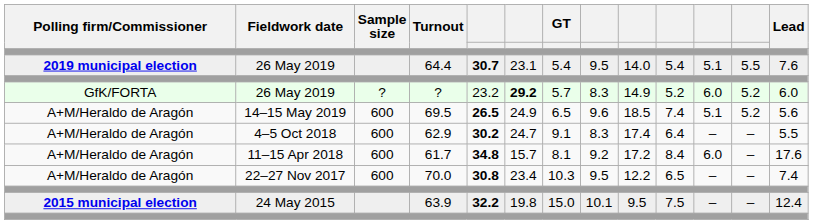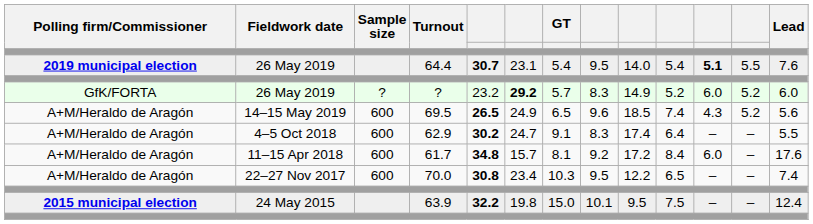 <table class="wikitable collapsible collapsed" style="text-align:center; font-size:95%; line-height:16px;">
 <tr style="height:42px;">
 <th style="width:250px;" rowspan="2">Polling firm/Commissioner</th>
 <th style="width:125px;" rowspan="2">Fieldwork date</th>
 <th style="width:50px;" rowspan="2">Sample size</th>
 <th style="width:45px;" rowspan="2">Turnout</th>
 <th style="width:35px;"></th>
 <th style="width:35px;"></th>
 <th style="width:35px;">GT</th>
 <th style="width:35px;"></th>
 <th style="width:35px;"></th>
 <th style="width:35px;"></th>
 <th style="width:35px;"></th>
 <th style="width:35px;"></th>
 <th style="width:30px;" rowspan="2">Lead</th>
 </tr>
 <tr>
 <th style="color:inherit;background:"></th>
 <th style="color:inherit;background:"></th>
 <th style="color:inherit;background:"></th>
 <th style="color:inherit;background:"></th>
 <th style="color:inherit;background:"></th>
 <th style="color:inherit;background:"></th>
 <th style="color:inherit;background:"></th>
 <th style="color:inherit;background:"></th>
 </tr>
 <tr>
 <td colspan="13" style="background:#A0A0A0"></td>
 </tr>
 <tr style="background:#EFEFEF;">
 <td><strong><a href='#'>2019 municipal election</a></strong></td>
 <td>26 May 2019</td>
 <td></td>
 <td>64.4</td>
 <td><strong>30.7</strong><br></td>
 <td>23.1<br></td>
 <td>5.4<br></td>
 <td>9.5<br></td>
 <td>14.0<br></td>
 <td>5.4<br></td>
-<td>5.1<br></td>
+<td><strong>5.1<br></strong></td>
 <td>5.5<br></td>
 <td style="background:">7.6</td>
 </tr>
 <tr>
 <td colspan="13" style="background:#A0A0A0"></td>
 </tr>
 <tr style="background:#EAFFEA;">
 <td>GfK/FORTA</td>
 <td>26 May 2019</td>
 <td>?</td>
 <td>?</td>
 <td>23.2<br></td>
 <td><strong>29.2</strong><br></td>
 <td>5.7<br></td>
 <td>8.3<br></td>
 <td>14.9<br></td>
 <td>5.2<br></td>
 <td>6.0<br></td>
 <td>5.2<br></td>
 <td style="background:">6.0</td>
 </tr>
 <tr>
 <td>A+M/Heraldo de Aragón</td>
 <td>14–15 May 2019</td>
 <td>600</td>
 <td>69.5</td>
 <td><strong>26.5</strong><br></td>
 <td>24.9<br></td>
 <td>6.5<br></td>
 <td>9.6<br></td>
 <td>18.5<br></td>
 <td>7.4<br></td>
-<td>5.1<br></td>
+<td>4.3<br></td>
 <td>5.2<br></td>
 <td style="background:">5.6</td>
 </tr>
 <tr>
 <td>A+M/Heraldo de Aragón</td>
 <td>4–5 Oct 2018</td>
 <td>600</td>
 <td>62.9</td>
 <td><strong>30.2</strong><br></td>
 <td>24.7<br></td>
 <td>9.1<br></td>
 <td>8.3<br></td>
 <td>17.4<br></td>
 <td>6.4<br></td>
 <td>–</td>
 <td>–</td>
 <td style="background:">5.5</td>
 </tr>
 <tr>
 <td>A+M/Heraldo de Aragón</td>
 <td>11–15 Apr 2018</td>
 <td>600</td>
 <td>61.7</td>
 <td><strong>34.8</strong><br></td>
 <td>15.7<br></td>
 <td>8.1<br></td>
 <td>9.2<br></td>
 <td>17.2<br></td>
 <td>8.4<br></td>
 <td>6.0<br></td>
 <td>–</td>
 <td style="background:">17.6</td>
 </tr>
 <tr>
 <td>A+M/Heraldo de Aragón</td>
 <td>22–27 Nov 2017</td>
 <td>600</td>
 <td>70.0</td>
 <td><strong>30.8</strong><br></td>
 <td>23.4<br></td>
 <td>10.3<br></td>
 <td>9.5<br></td>
 <td>12.2<br></td>
 <td>6.5<br></td>
 <td>–</td>
 <td>–</td>
 <td style="background:">7.4</td>
 </tr>
 <tr>
 <td colspan="13" style="background:#A0A0A0"></td>
 </tr>
 <tr style="background:#EFEFEF;">
 <td><strong><a href='#'>2015 municipal election</a></strong></td>
 <td>24 May 2015</td>
 <td></td>
 <td>63.9</td>
 <td><strong>32.2</strong><br></td>
 <td>19.8<br></td>
 <td>15.0<br></td>
 <td>10.1<br></td>
 <td>9.5<br></td>
 <td>7.5<br></td>
 <td>–</td>
 <td>–</td>
 <td style="background:">12.4</td>
 </tr>
 <tr>
 <td colspan="13" style="background:#A0A0A0"></td>
 </tr>
 </table>
